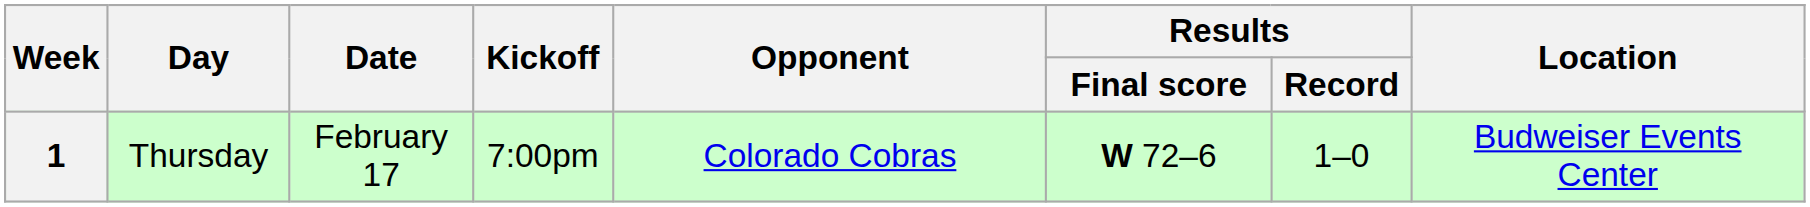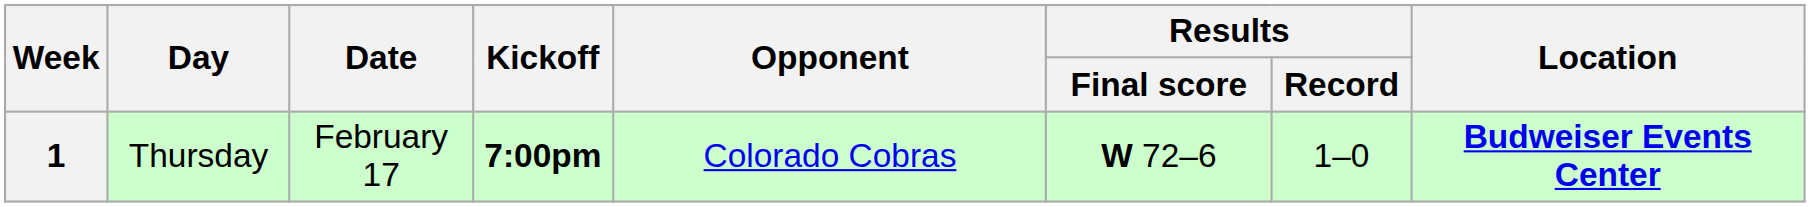 <table class="wikitable">
 <tr>
 <th rowspan="2" width="40">Week</th>
 <th rowspan="2" width="80">Day</th>
 <th rowspan="2" width="80">Date</th>
 <th rowspan="2" width="60">Kickoff</th>
 <th rowspan="2" width="200">Opponent</th>
 <th colspan="2" width="160">Results</th>
 <th rowspan="2" width="180">Location</th>
 </tr>
 <tr>
 <th width="100">Final score</th>
 <th width="60">Record</th>
 </tr>
 <tr align="center" bgcolor="#CCFFCC">
 <th>1</th>
 <td>Thursday</td>
 <td>February 17</td>
-<td>7:00pm</td>
+<td><strong>7:00pm</strong></td>
 <td><a href='#'>Colorado Cobras</a></td>
 <td><strong>W</strong> 72–6</td>
 <td>1–0</td>
-<td><a href='#'>Budweiser Events Center</a></td>
+<td><strong><a href='#'>Budweiser Events Center</a></strong></td>
 </tr>
 </table>
